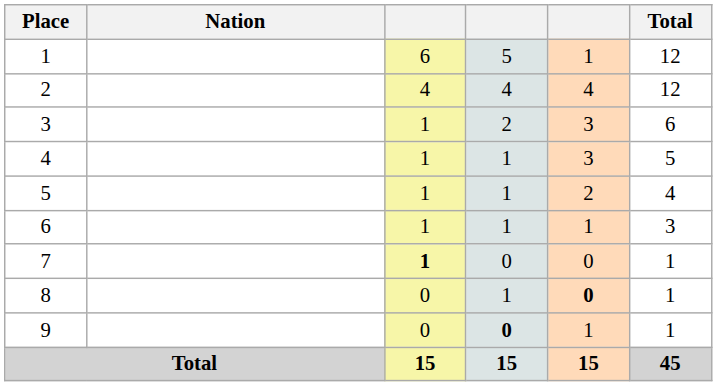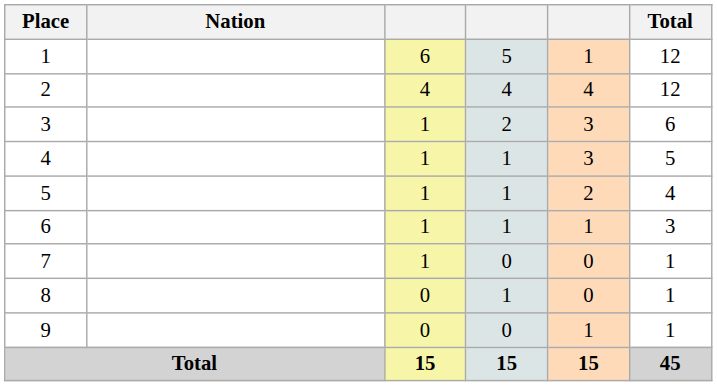 <table class=wikitable style="border:1px solid #AAAAAA;font-size:90%">
 <tr bgcolor="#EFEFEF">
 <th width=50>Place</th>
 <th width=200>Nation</th>
 <th width=50></th>
 <th width=50></th>
 <th width=50></th>
 <th width=50>Total</th>
 </tr>
 <tr align="center" valign="top" bgcolor="#FFFFFF">
 <td>1</td>
 <td align="left"></td>
 <td style="background:#F7F6A8;">6</td>
 <td style="background:#DCE5E5;">5</td>
 <td style="background:#FFDAB9;">1</td>
 <td>12</td>
 </tr>
 <tr align="center" valign="top" bgcolor="#FFFFFF">
 <td>2</td>
 <td align="left"></td>
 <td style="background:#F7F6A8;">4</td>
 <td style="background:#DCE5E5;">4</td>
 <td style="background:#FFDAB9;">4</td>
 <td>12</td>
 </tr>
 <tr align="center" valign="top" bgcolor="#FFFFFF">
 <td>3</td>
 <td align="left"></td>
 <td style="background:#F7F6A8;">1</td>
 <td style="background:#DCE5E5;">2</td>
 <td style="background:#FFDAB9;">3</td>
 <td>6</td>
 </tr>
 <tr align="center" valign="top" bgcolor="#FFFFFF">
 <td>4</td>
 <td align="left"></td>
 <td style="background:#F7F6A8;">1</td>
 <td style="background:#DCE5E5;">1</td>
 <td style="background:#FFDAB9;">3</td>
 <td>5</td>
 </tr>
 <tr align="center" valign="top" bgcolor="#FFFFFF">
 <td>5</td>
 <td align="left"></td>
 <td style="background:#F7F6A8;">1</td>
 <td style="background:#DCE5E5;">1</td>
 <td style="background:#FFDAB9;">2</td>
 <td>4</td>
 </tr>
 <tr align="center" valign="top" bgcolor="#FFFFFF">
 <td>6</td>
 <td align="left"></td>
 <td style="background:#F7F6A8;">1</td>
 <td style="background:#DCE5E5;">1</td>
 <td style="background:#FFDAB9;">1</td>
 <td>3</td>
 </tr>
 <tr align="center" valign="top" bgcolor="#FFFFFF">
 <td>7</td>
 <td align="left"></td>
-<td style="background:#F7F6A8;"><strong>1</strong></td>
+<td style="background:#F7F6A8;">1</td>
 <td style="background:#DCE5E5;">0</td>
 <td style="background:#FFDAB9;">0</td>
 <td>1</td>
 </tr>
 <tr align="center" valign="top" bgcolor="#FFFFFF">
 <td>8</td>
 <td align="left"></td>
 <td style="background:#F7F6A8;">0</td>
 <td style="background:#DCE5E5;">1</td>
-<td style="background:#FFDAB9;"><strong>0</strong></td>
+<td style="background:#FFDAB9;">0</td>
 <td>1</td>
 </tr>
 <tr align="center" valign="top" bgcolor="#FFFFFF">
 <td>9</td>
 <td align="left"></td>
 <td style="background:#F7F6A8;">0</td>
-<td style="background:#DCE5E5;"><strong>0</strong></td>
+<td style="background:#DCE5E5;">0</td>
 <td style="background:#FFDAB9;">1</td>
 <td>1</td>
 </tr>
 <tr align="center">
 <td colspan="2" bgcolor=D3D3D3><strong>Total</strong></td>
 <td style="background:#F7F6A8;"><strong>15</strong></td>
 <td style="background:#DCE5E5;"><strong>15</strong></td>
 <td style="background:#FFDAB9;"><strong>15</strong></td>
 <td bgcolor=D3D3D3><strong>45</strong></td>
 </tr>
 </table>
